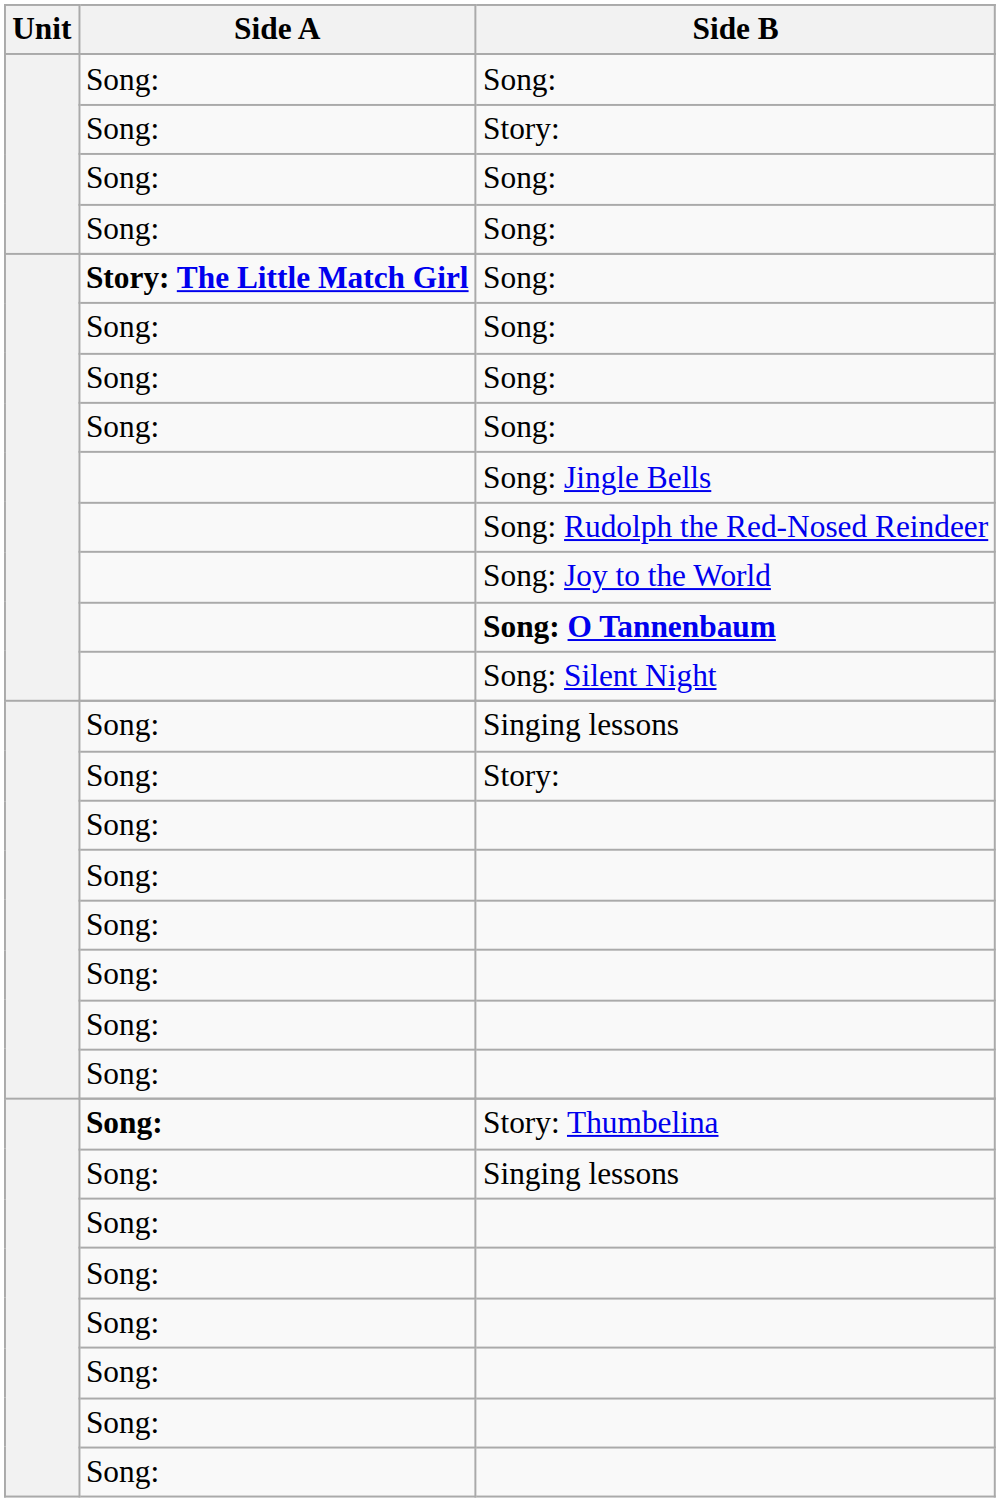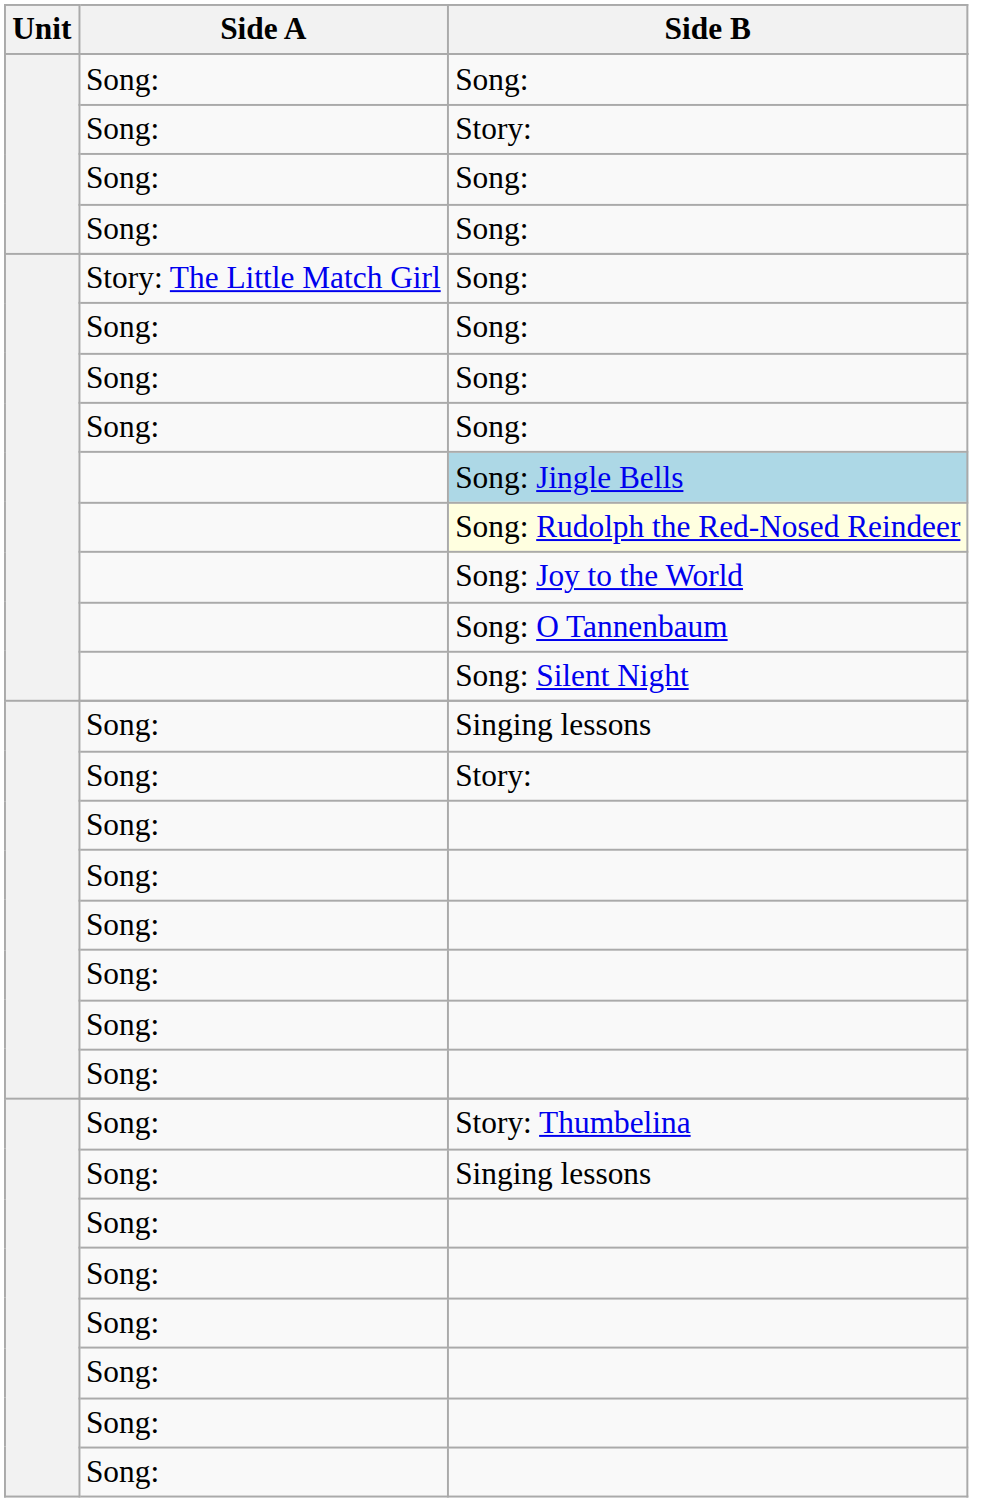 <table class="wikitable">
 <tr>
 <th>Unit</th>
 <th>Side A</th>
 <th>Side B</th>
 </tr>
 <tr>
 <th rowspan=5><strong></strong></th>
 </tr>
 <tr>
 <td>Song: </td>
 <td>Song: </td>
 </tr>
 <tr>
 <td>Song: </td>
 <td>Story: </td>
 </tr>
 <tr>
 <td>Song: </td>
 <td>Song: </td>
 </tr>
 <tr>
 <td>Song: </td>
 <td>Song: </td>
 </tr>
 <tr>
 <th rowspan=10><strong></strong></th>
 </tr>
 <tr>
-<td><strong>Story: <a href='#'>The Little Match Girl</a></strong></td>
+<td>Story: <a href='#'>The Little Match Girl</a></td>
 <td>Song: </td>
 </tr>
 <tr>
 <td>Song: </td>
 <td>Song: </td>
 </tr>
 <tr>
 <td>Song: </td>
 <td>Song: </td>
 </tr>
 <tr>
 <td>Song: </td>
 <td>Song: </td>
 </tr>
 <tr>
 <td></td>
-<td>Song: <a href='#'>Jingle Bells</a></td>
+<td style="background: lightblue;">Song: <a href='#'>Jingle Bells</a></td>
 </tr>
 <tr>
 <td></td>
-<td>Song: <a href='#'>Rudolph the Red-Nosed Reindeer</a></td>
+<td style="background: lightyellow;">Song: <a href='#'>Rudolph the Red-Nosed Reindeer</a></td>
 </tr>
 <tr>
 <td></td>
 <td>Song: <a href='#'>Joy to the World</a></td>
 </tr>
 <tr>
 <td></td>
-<td><strong>Song: <a href='#'>O Tannenbaum</a></strong></td>
+<td>Song: <a href='#'>O Tannenbaum</a></td>
 </tr>
 <tr>
 <td></td>
 <td>Song: <a href='#'>Silent Night</a></td>
 </tr>
 <tr>
 <th rowspan=9><strong></strong></th>
 </tr>
 <tr>
 <td>Song: </td>
 <td>Singing lessons</td>
 </tr>
 <tr>
 <td>Song: </td>
 <td>Story: </td>
 </tr>
 <tr>
 <td>Song: </td>
 <td></td>
 </tr>
 <tr>
 <td>Song: </td>
 <td></td>
 </tr>
 <tr>
 <td>Song: </td>
 <td></td>
 </tr>
 <tr>
 <td>Song: </td>
 <td></td>
 </tr>
 <tr>
 <td>Song: </td>
 <td></td>
 </tr>
 <tr>
 <td>Song: </td>
 <td></td>
 </tr>
 <tr>
 <th rowspan=9><strong></strong></th>
 </tr>
 <tr>
-<td><strong>Song: </strong></td>
+<td>Song: </td>
 <td>Story: <a href='#'>Thumbelina</a></td>
 </tr>
 <tr>
 <td>Song: </td>
 <td>Singing lessons</td>
 </tr>
 <tr>
 <td>Song: </td>
 <td></td>
 </tr>
 <tr>
 <td>Song: </td>
 <td></td>
 </tr>
 <tr>
 <td>Song: </td>
 <td></td>
 </tr>
 <tr>
 <td>Song: </td>
 <td></td>
 </tr>
 <tr>
 <td>Song: </td>
 <td></td>
 </tr>
 <tr>
 <td>Song: </td>
 <td></td>
 </tr>
 </table>
